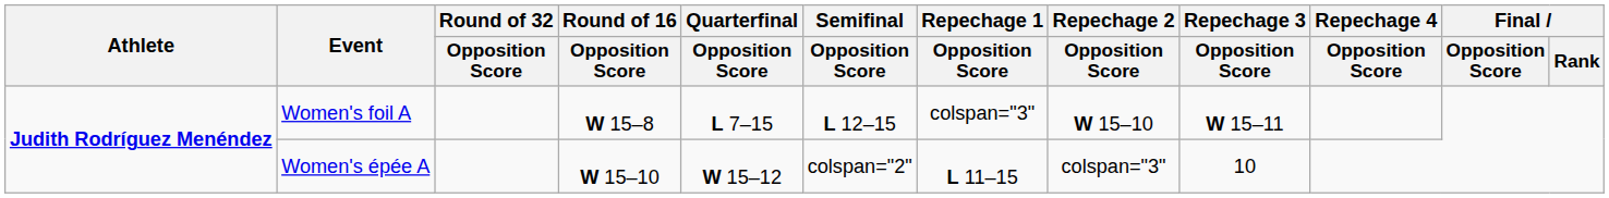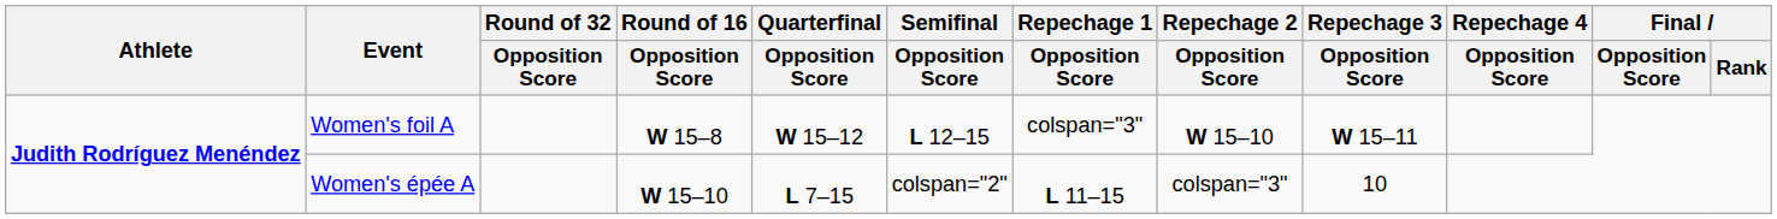 <table class="wikitable" style="font-size:90%">
 <tr>
 <th rowspan="2">Athlete</th>
 <th rowspan="2">Event</th>
 <th>Round of 32</th>
 <th>Round of 16</th>
 <th>Quarterfinal</th>
 <th>Semifinal</th>
 <th>Repechage 1</th>
 <th>Repechage 2</th>
 <th>Repechage 3</th>
 <th>Repechage 4</th>
 <th colspan="2">Final / </th>
 </tr>
 <tr style="font-size:95%">
 <th>Opposition <br> Score</th>
 <th>Opposition <br> Score</th>
 <th>Opposition <br> Score</th>
 <th>Opposition <br> Score</th>
 <th>Opposition <br> Score</th>
 <th>Opposition <br> Score</th>
 <th>Opposition <br> Score</th>
 <th>Opposition <br> Score</th>
 <th>Opposition <br> Score</th>
 <th>Rank</th>
 </tr>
 <tr align=center>
 <td rowspan="2" align="left"><strong><a href='#'>Judith Rodríguez Menéndez</a></strong></td>
 <td align=left><a href='#'>Women's foil A</a></td>
 <td></td>
 <td><br><strong>W</strong> 15–8</td>
-<td><br><strong>L</strong> 7–15</td>
+<td><br><strong>W</strong> 15–12</td>
 <td><br><strong>L</strong> 12–15</td>
 <td>colspan="3" </td>
 <td><br><strong>W</strong> 15–10</td>
 <td><br><strong>W</strong> 15–11</td>
 <td></td>
 </tr>
 <tr align=center>
 <td align="left"><a href='#'>Women's épée A</a></td>
 <td></td>
 <td><br><strong>W</strong> 15–10</td>
-<td><br><strong>W</strong> 15–12</td>
+<td><br><strong>L</strong> 7–15</td>
 <td>colspan="2" </td>
 <td><br><strong>L</strong> 11–15</td>
 <td>colspan="3" </td>
 <td>10</td>
 </tr>
 </table>
